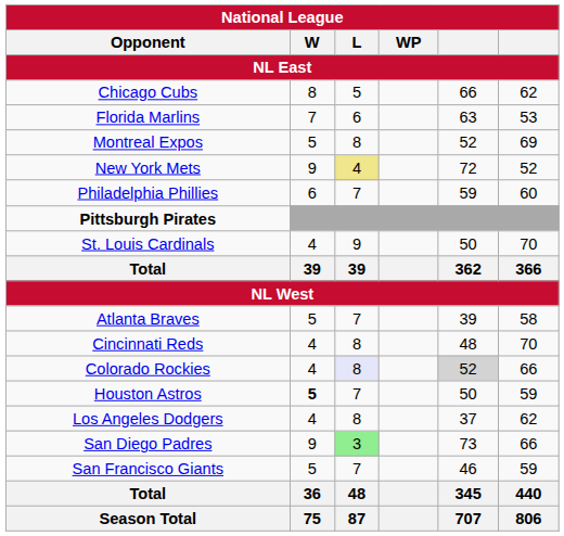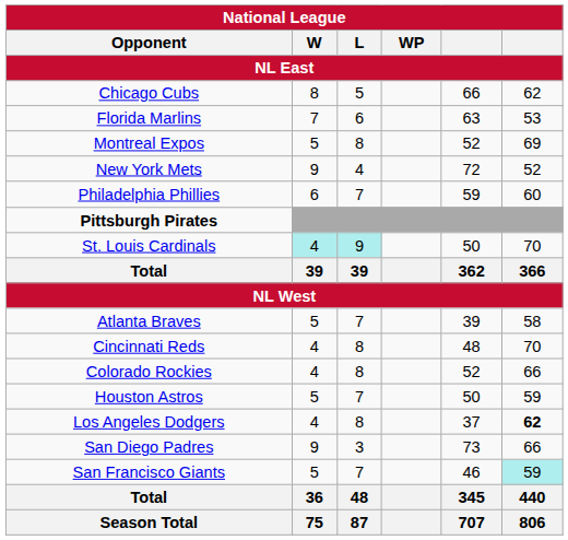 <table class="wikitable" style="font-size:95%; text-align:center; width:35em;margin: 0.5em auto;">
 <tr>
 <th colspan="7" style="background:#c60c30; color:#ffffff;">National League</th>
 </tr>
 <tr>
 <th>Opponent</th>
 <th>W</th>
 <th>L</th>
 <th>WP</th>
 <th></th>
 <th></th>
 </tr>
 <tr>
 <th colspan="7" style="background:#c60c30; color:#ffffff;">NL East</th>
 </tr>
 <tr>
 <td><a href='#'>Chicago Cubs</a></td>
 <td>8</td>
 <td>5</td>
 <td></td>
 <td>66</td>
 <td>62</td>
 </tr>
 <tr>
 <td><a href='#'>Florida Marlins</a></td>
 <td>7</td>
 <td>6</td>
 <td></td>
 <td>63</td>
 <td>53</td>
 </tr>
 <tr>
 <td><a href='#'>Montreal Expos</a></td>
 <td>5</td>
 <td>8</td>
 <td></td>
 <td>52</td>
 <td>69</td>
 </tr>
 <tr>
 <td><a href='#'>New York Mets</a></td>
 <td>9</td>
-<td style="background: khaki;">4</td>
+<td>4</td>
 <td></td>
 <td>72</td>
 <td>52</td>
 </tr>
 <tr>
 <td><a href='#'>Philadelphia Phillies</a></td>
 <td>6</td>
 <td>7</td>
 <td></td>
 <td>59</td>
 <td>60</td>
 </tr>
 <tr>
 <td><strong>Pittsburgh Pirates</strong></td>
 <td colspan=5 style="background:darkgray;"></td>
 </tr>
 <tr>
 <td><a href='#'>St. Louis Cardinals</a></td>
-<td>4</td>
-<td>9</td>
+<td style="background: paleturquoise;">4</td>
+<td style="background: paleturquoise;">9</td>
 <td></td>
 <td>50</td>
 <td>70</td>
 </tr>
 <tr>
 <th>Total</th>
 <th>39</th>
 <th>39</th>
 <th></th>
 <th>362</th>
 <th>366</th>
 </tr>
 <tr>
 <th colspan="7" style="background:#c60c30; color:#ffffff;">NL West</th>
 </tr>
 <tr>
 <td><a href='#'>Atlanta Braves</a></td>
 <td>5</td>
 <td>7</td>
 <td></td>
 <td>39</td>
 <td>58</td>
 </tr>
 <tr>
 <td><a href='#'>Cincinnati Reds</a></td>
 <td>4</td>
 <td>8</td>
 <td></td>
 <td>48</td>
 <td>70</td>
 </tr>
 <tr>
 <td><a href='#'>Colorado Rockies</a></td>
 <td>4</td>
-<td style="background: lavender;">8</td>
+<td>8</td>
 <td></td>
-<td style="background: lightgrey;">52</td>
+<td>52</td>
 <td>66</td>
 </tr>
 <tr>
 <td><a href='#'>Houston Astros</a></td>
-<td><strong>5</strong></td>
+<td>5</td>
 <td>7</td>
 <td></td>
 <td>50</td>
 <td>59</td>
 </tr>
 <tr>
 <td><a href='#'>Los Angeles Dodgers</a></td>
 <td>4</td>
 <td>8</td>
 <td></td>
 <td>37</td>
-<td>62</td>
+<td><strong>62</strong></td>
 </tr>
 <tr>
 <td><a href='#'>San Diego Padres</a></td>
 <td>9</td>
-<td style="background: lightgreen;">3</td>
+<td>3</td>
 <td></td>
 <td>73</td>
 <td>66</td>
 </tr>
 <tr>
 <td><a href='#'>San Francisco Giants</a></td>
 <td>5</td>
 <td>7</td>
 <td></td>
 <td>46</td>
-<td>59</td>
+<td style="background: paleturquoise;">59</td>
 </tr>
 <tr>
 <th>Total</th>
 <th>36</th>
 <th>48</th>
 <th></th>
 <th>345</th>
 <th>440</th>
 </tr>
 <tr>
 <th>Season Total</th>
 <th>75</th>
 <th>87</th>
 <th></th>
 <th>707</th>
 <th>806</th>
 </tr>
 </table>
